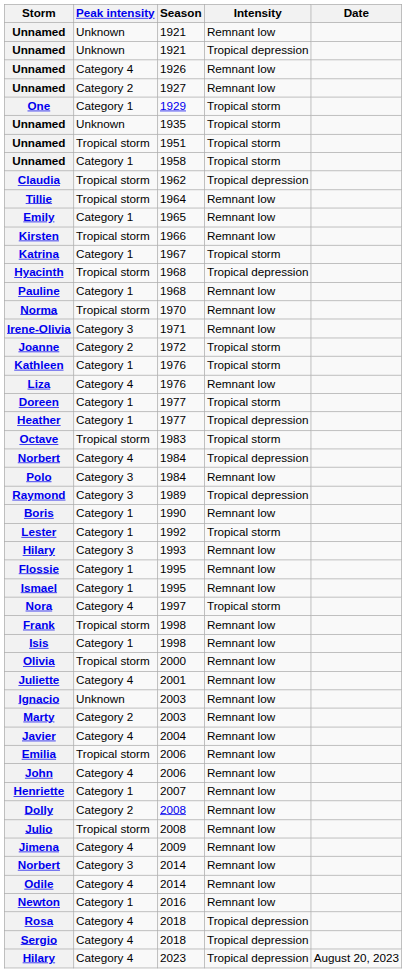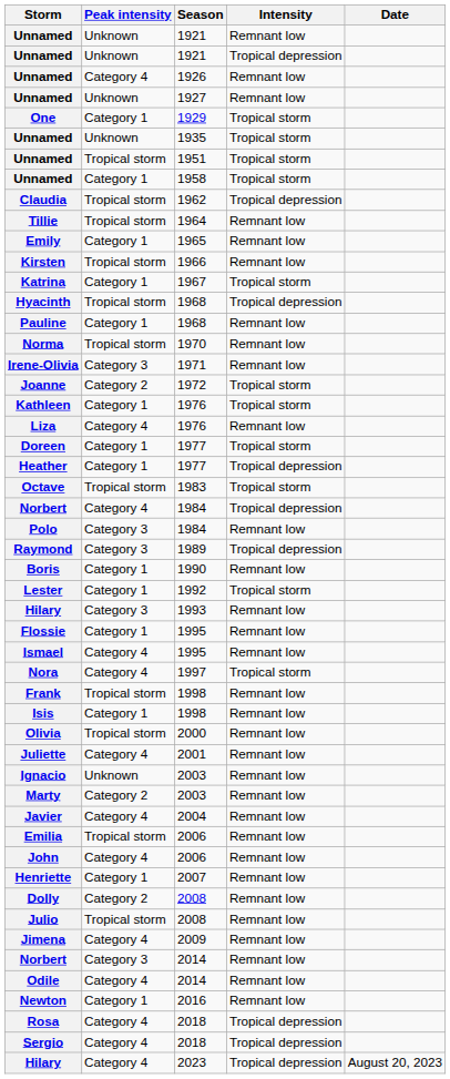 <table class="wikitable sortable mw-collapsible mw-collapsed">
 <tr>
 <th scope="col">Storm</th>
 <th scope="col"><a href='#'>Peak intensity</a></th>
 <th scope="col">Season</th>
 <th scope="col">Intensity</th>
 <th scope="col">Date</th>
 </tr>
 <tr>
 <th scope="row">Unnamed</th>
 <td style="background: #"> Unknown</td>
 <td>1921</td>
 <td> Remnant low</td>
 <td></td>
 </tr>
 <tr>
 <th scope="row">Unnamed</th>
 <td style="background: #"> Unknown</td>
 <td>1921</td>
 <td style="background: #"> Tropical depression</td>
 <td></td>
 </tr>
 <tr>
 <th scope="row">Unnamed</th>
 <td style="background: #"> Category 4</td>
 <td>1926</td>
 <td> Remnant low</td>
 <td></td>
 </tr>
 <tr>
 <th scope="row">Unnamed</th>
-<td style="background: #"> Category 2</td>
+<td style="background: #"> Unknown</td>
 <td>1927</td>
 <td> Remnant low</td>
 <td></td>
 </tr>
 <tr>
 <th scope="row"><a href='#'>One</a></th>
 <td style="background: #"> Category 1</td>
 <td><a href='#'>1929</a></td>
 <td style="background: #"> Tropical storm</td>
 <td></td>
 </tr>
 <tr>
 <th scope="row">Unnamed</th>
 <td style="background: #"> Unknown</td>
 <td>1935</td>
 <td style="background: #"> Tropical storm</td>
 <td></td>
 </tr>
 <tr>
 <th scope="row">Unnamed</th>
 <td style="background: #"> Tropical storm</td>
 <td>1951</td>
 <td style="background: #"> Tropical storm</td>
 <td></td>
 </tr>
 <tr>
 <th scope="row">Unnamed</th>
 <td style="background: #"> Category 1</td>
 <td>1958</td>
 <td style="background: #"> Tropical storm</td>
 <td></td>
 </tr>
 <tr>
 <th scope="row"><a href='#'>Claudia</a></th>
 <td style="background: #"> Tropical storm</td>
 <td>1962</td>
 <td style="background: #"> Tropical depression</td>
 <td></td>
 </tr>
 <tr>
 <th scope="row"><a href='#'>Tillie</a></th>
 <td style="background: #"> Tropical storm</td>
 <td>1964</td>
 <td> Remnant low</td>
 <td></td>
 </tr>
 <tr>
 <th scope="row"><a href='#'>Emily</a></th>
 <td style="background: #"> Category 1</td>
 <td>1965</td>
 <td> Remnant low</td>
 <td></td>
 </tr>
 <tr>
 <th scope="row"><a href='#'>Kirsten</a></th>
 <td style="background: #"> Tropical storm</td>
 <td>1966</td>
 <td> Remnant low</td>
 <td></td>
 </tr>
 <tr>
 <th scope="row"><a href='#'>Katrina</a></th>
 <td style="background: #"> Category 1</td>
 <td>1967</td>
 <td style="background: #"> Tropical storm</td>
 <td></td>
 </tr>
 <tr>
 <th scope="row"><a href='#'>Hyacinth</a></th>
 <td style="background: #"> Tropical storm</td>
 <td>1968</td>
 <td style="background: #"> Tropical depression</td>
 <td></td>
 </tr>
 <tr>
 <th scope="row"><a href='#'>Pauline</a></th>
 <td style="background: #"> Category 1</td>
 <td>1968</td>
 <td> Remnant low</td>
 <td></td>
 </tr>
 <tr>
 <th scope="row"><a href='#'>Norma</a></th>
 <td style="background: #"> Tropical storm</td>
 <td>1970</td>
 <td> Remnant low</td>
 <td></td>
 </tr>
 <tr>
 <th scope="row"><a href='#'>Irene-Olivia</a></th>
 <td style="background: #"> Category 3</td>
 <td>1971</td>
 <td> Remnant low</td>
 <td></td>
 </tr>
 <tr>
 <th scope="row"><a href='#'>Joanne</a></th>
 <td style="background: #"> Category 2</td>
 <td>1972</td>
 <td style="background: #"> Tropical storm</td>
 <td></td>
 </tr>
 <tr>
 <th scope="row"><a href='#'>Kathleen</a></th>
 <td style="background: #"> Category 1</td>
 <td>1976</td>
 <td style="background: #"> Tropical storm</td>
 <td></td>
 </tr>
 <tr>
 <th scope="row"><a href='#'>Liza</a></th>
 <td style="background: #"> Category 4</td>
 <td>1976</td>
 <td> Remnant low</td>
 <td></td>
 </tr>
 <tr>
 <th scope="row"><a href='#'>Doreen</a></th>
 <td style="background: #"> Category 1</td>
 <td>1977</td>
 <td style="background: #"> Tropical storm</td>
 <td></td>
 </tr>
 <tr>
 <th scope="row"><a href='#'>Heather</a></th>
 <td style="background: #"> Category 1</td>
 <td>1977</td>
 <td style="background: #"> Tropical depression</td>
 <td></td>
 </tr>
 <tr>
 <th scope="row"><a href='#'>Octave</a></th>
 <td style="background: #"> Tropical storm</td>
 <td>1983</td>
 <td style="background: #"> Tropical storm</td>
 <td></td>
 </tr>
 <tr>
 <th scope="row"><a href='#'>Norbert</a></th>
 <td style="background: #"> Category 4</td>
 <td>1984</td>
 <td style="background: #"> Tropical depression</td>
 <td></td>
 </tr>
 <tr>
 <th scope="row"><a href='#'>Polo</a></th>
 <td style="background: #"> Category 3</td>
 <td>1984</td>
 <td> Remnant low</td>
 <td></td>
 </tr>
 <tr>
 <th scope="row"><a href='#'>Raymond</a></th>
 <td style="background: #"> Category 3</td>
 <td>1989</td>
 <td style="background: #"> Tropical depression</td>
 <td></td>
 </tr>
 <tr>
 <th scope="row"><a href='#'>Boris</a></th>
 <td style="background: #"> Category 1</td>
 <td>1990</td>
 <td> Remnant low</td>
 <td></td>
 </tr>
 <tr>
 <th scope="row"><a href='#'>Lester</a></th>
 <td style="background: #"> Category 1</td>
 <td>1992</td>
 <td style="background: #"> Tropical storm</td>
 <td></td>
 </tr>
 <tr>
 <th scope="row"><a href='#'>Hilary</a></th>
 <td style="background: #"> Category 3</td>
 <td>1993</td>
 <td> Remnant low</td>
 <td></td>
 </tr>
 <tr>
 <th scope="row"><a href='#'>Flossie</a></th>
 <td style="background: #"> Category 1</td>
 <td>1995</td>
 <td> Remnant low</td>
 <td></td>
 </tr>
 <tr>
 <th scope="row"><a href='#'>Ismael</a></th>
-<td style="background: #"> Category 1</td>
+<td style="background: #"> Category 4</td>
 <td>1995</td>
 <td> Remnant low</td>
 <td></td>
 </tr>
 <tr>
 <th scope="row"><a href='#'>Nora</a></th>
 <td style="background: #"> Category 4</td>
 <td>1997</td>
 <td style="background: #"> Tropical storm</td>
 <td></td>
 </tr>
 <tr>
 <th scope="row"><a href='#'>Frank</a></th>
 <td style="background: #"> Tropical storm</td>
 <td>1998</td>
 <td> Remnant low</td>
 <td></td>
 </tr>
 <tr>
 <th scope="row"><a href='#'>Isis</a></th>
 <td style="background: #"> Category 1</td>
 <td>1998</td>
 <td> Remnant low</td>
 <td></td>
 </tr>
 <tr>
 <th scope="row"><a href='#'>Olivia</a></th>
 <td style="background: #"> Tropical storm</td>
 <td>2000</td>
 <td> Remnant low</td>
 <td></td>
 </tr>
 <tr>
 <th scope="row"><a href='#'>Juliette</a></th>
 <td style="background: #"> Category 4</td>
 <td>2001</td>
 <td> Remnant low</td>
 <td></td>
 </tr>
 <tr>
 <th scope="row"><a href='#'>Ignacio</a></th>
 <td style="background: #"> Unknown</td>
 <td>2003</td>
 <td> Remnant low</td>
 <td></td>
 </tr>
 <tr>
 <th scope="row"><a href='#'>Marty</a></th>
 <td style="background: #"> Category 2</td>
 <td>2003</td>
 <td> Remnant low</td>
 <td></td>
 </tr>
 <tr>
 <th scope="row"><a href='#'>Javier</a></th>
 <td style="background: #"> Category 4</td>
 <td>2004</td>
 <td> Remnant low</td>
 <td></td>
 </tr>
 <tr>
 <th scope="row"><a href='#'>Emilia</a></th>
 <td style="background: #"> Tropical storm</td>
 <td>2006</td>
 <td> Remnant low</td>
 <td></td>
 </tr>
 <tr>
 <th scope="row"><a href='#'>John</a></th>
 <td style="background: #"> Category 4</td>
 <td>2006</td>
 <td> Remnant low</td>
 <td></td>
 </tr>
 <tr>
 <th scope="row"><a href='#'>Henriette</a></th>
 <td style="background: #"> Category 1</td>
 <td>2007</td>
 <td> Remnant low</td>
 <td></td>
 </tr>
 <tr>
 <th scope="row"><a href='#'>Dolly</a></th>
 <td style="background: #"> Category 2</td>
 <td><a href='#'>2008</a></td>
 <td> Remnant low</td>
 <td></td>
 </tr>
 <tr>
 <th scope="row"><a href='#'>Julio</a></th>
 <td style="background: #"> Tropical storm</td>
 <td>2008</td>
 <td> Remnant low</td>
 <td></td>
 </tr>
 <tr>
 <th scope="row"><a href='#'>Jimena</a></th>
 <td style="background: #"> Category 4</td>
 <td>2009</td>
 <td> Remnant low</td>
 <td></td>
 </tr>
 <tr>
 <th scope="row"><a href='#'>Norbert</a></th>
 <td style="background: #"> Category 3</td>
 <td>2014</td>
 <td> Remnant low</td>
 <td></td>
 </tr>
 <tr>
 <th scope="row"><a href='#'>Odile</a></th>
 <td style="background: #"> Category 4</td>
 <td>2014</td>
 <td> Remnant low</td>
 <td></td>
 </tr>
 <tr>
 <th scope="row"><a href='#'>Newton</a></th>
 <td style="background: #"> Category 1</td>
 <td>2016</td>
 <td> Remnant low</td>
 <td></td>
 </tr>
 <tr>
 <th scope="row"><a href='#'>Rosa</a></th>
 <td style="background: #"> Category 4</td>
 <td>2018</td>
 <td style="background: #"> Tropical depression</td>
 <td></td>
 </tr>
 <tr>
 <th scope="row"><a href='#'>Sergio</a></th>
 <td style="background: #"> Category 4</td>
 <td>2018</td>
 <td style="background: #"> Tropical depression</td>
 <td></td>
 </tr>
 <tr>
 <th><a href='#'>Hilary</a></th>
 <td style="background: #"> Category 4</td>
 <td>2023</td>
 <td style="background: #"> Tropical depression</td>
 <td>August 20, 2023</td>
 </tr>
 </table>
